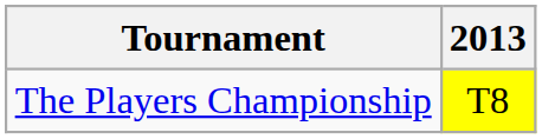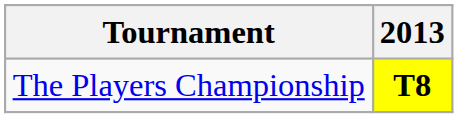 <table class="wikitable" style="font-size:95%;text-align:center;">
 <tr>
 <th>Tournament</th>
 <th>2013</th>
 </tr>
 <tr>
 <td align=left><a href='#'>The Players Championship</a></td>
-<td style="background:yellow;">T8</td>
+<td style="background:yellow;"><strong>T8</strong></td>
 </tr>
 </table>
